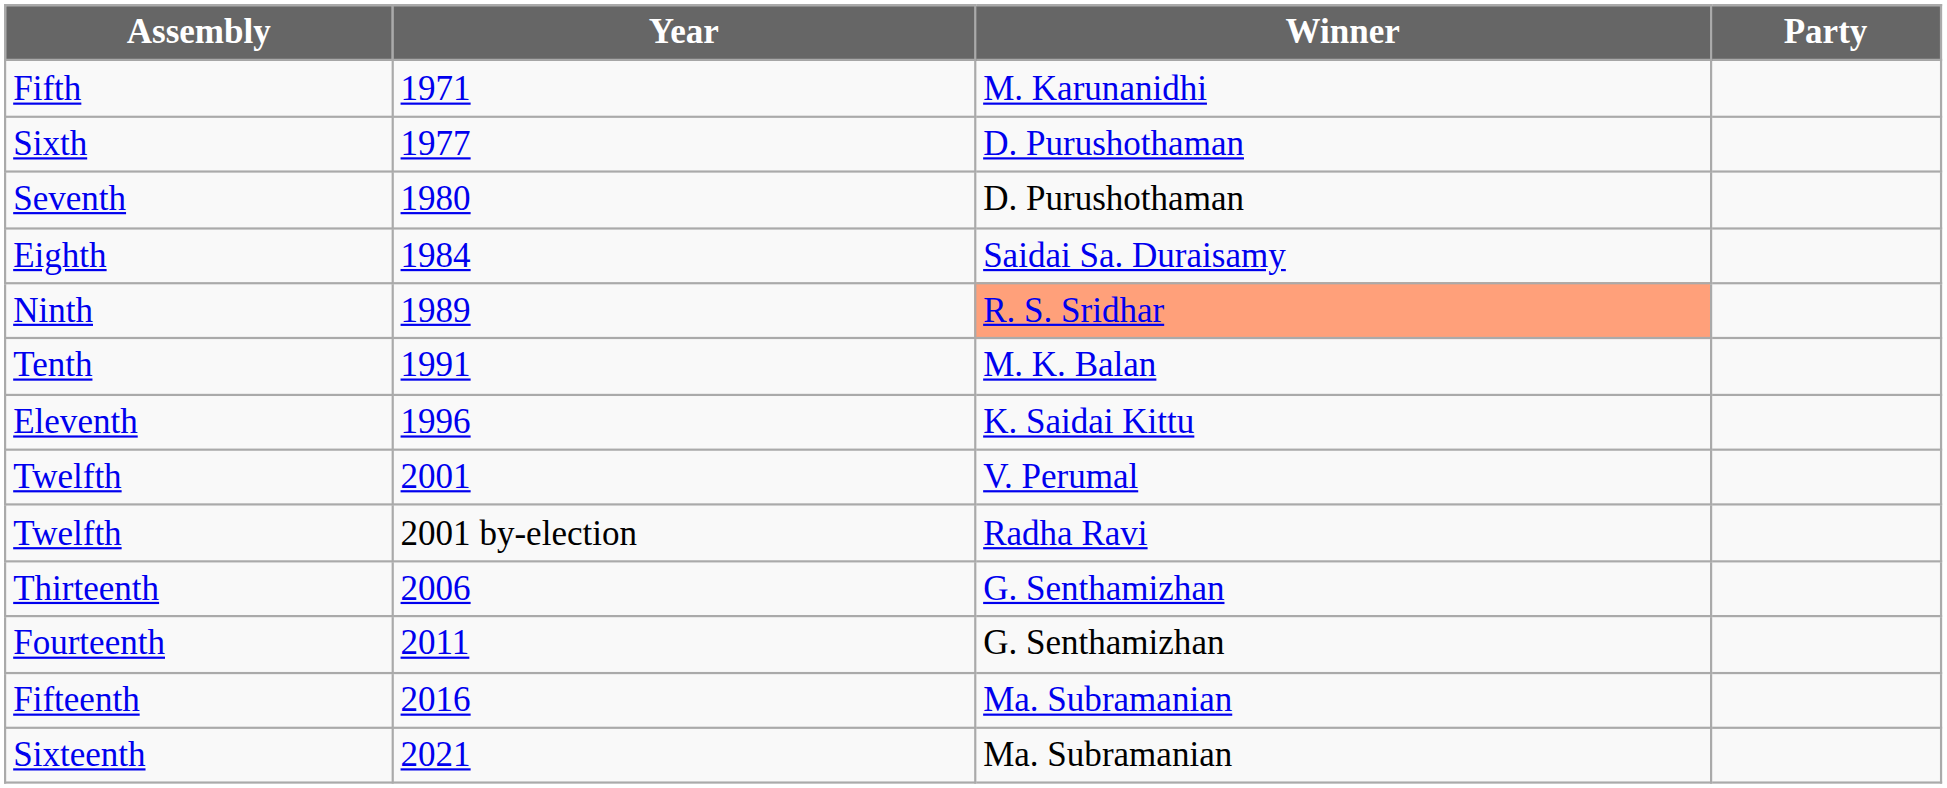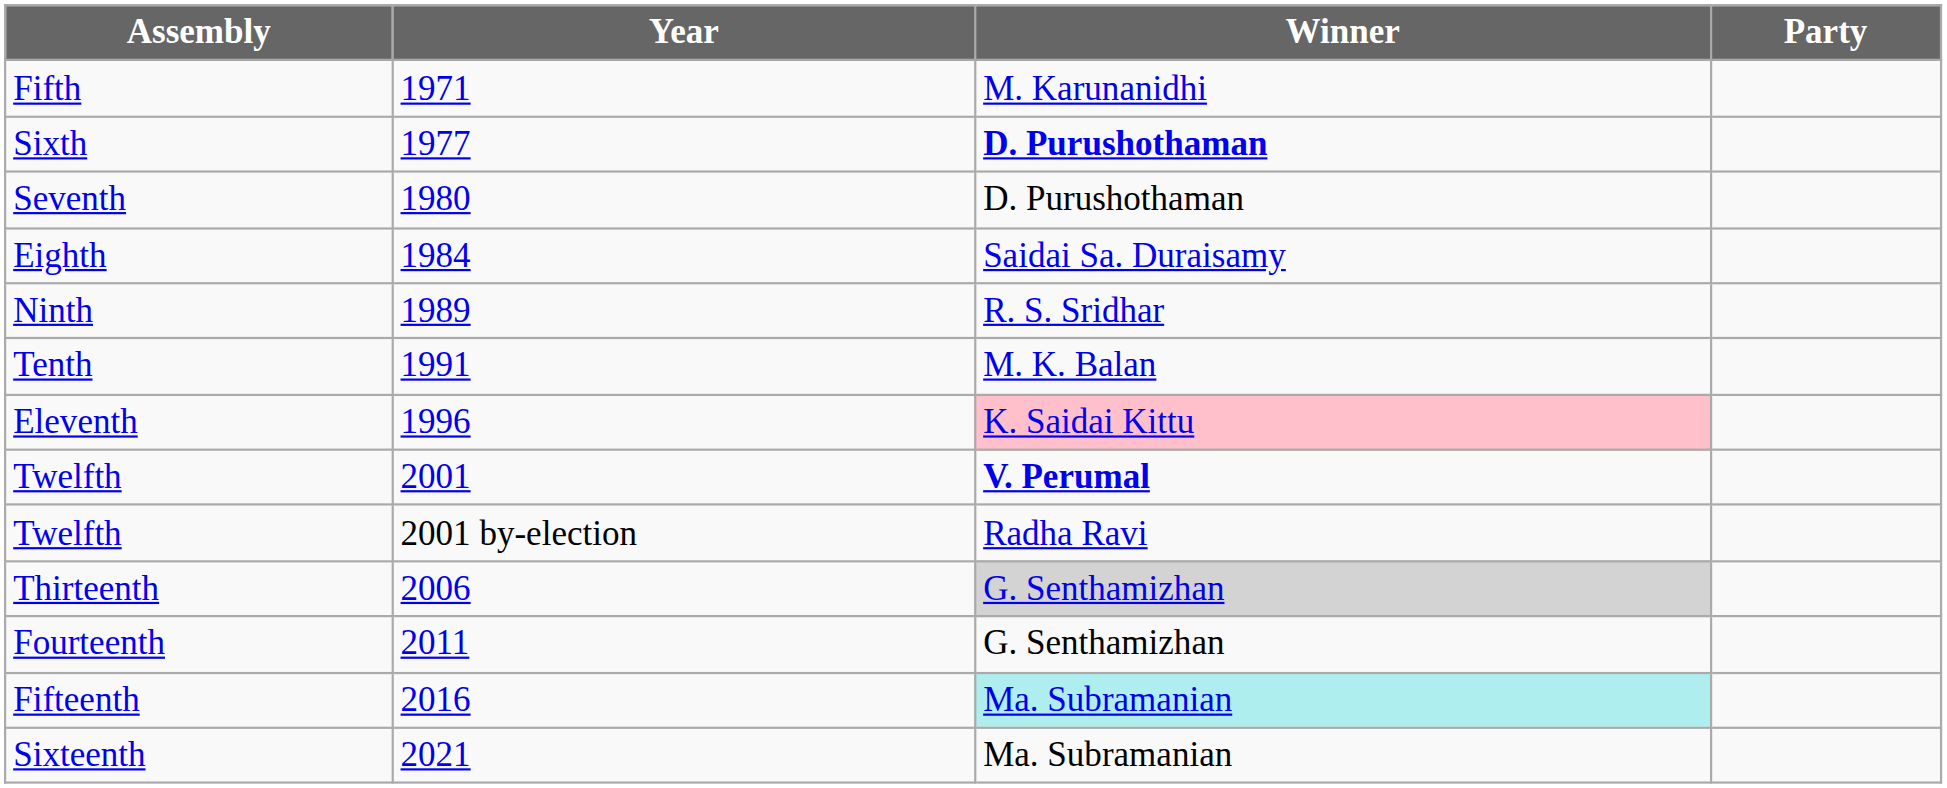 <table class="wikitable" width="70%">
 <tr>
 <th style="background-color:#666666; color:white">Assembly</th>
 <th style="background-color:#666666; color:white">Year</th>
 <th style="background-color:#666666; color:white">Winner</th>
 <th style="background-color:#666666; color:white" colspan="2">Party</th>
 </tr>
 <tr>
 <td><a href='#'>Fifth</a></td>
 <td><a href='#'>1971</a></td>
 <td><a href='#'>M. Karunanidhi</a></td>
 <td></td>
 </tr>
 <tr>
 <td><a href='#'>Sixth</a></td>
 <td><a href='#'>1977</a></td>
-<td><a href='#'>D. Purushothaman</a></td>
+<td><strong><a href='#'>D. Purushothaman</a></strong></td>
 <td></td>
 </tr>
 <tr>
 <td><a href='#'>Seventh</a></td>
 <td><a href='#'>1980</a></td>
 <td>D. Purushothaman</td>
 <td></td>
 </tr>
 <tr>
 <td><a href='#'>Eighth</a></td>
 <td><a href='#'>1984</a></td>
 <td><a href='#'>Saidai Sa. Duraisamy</a></td>
 <td></td>
 </tr>
 <tr>
 <td><a href='#'>Ninth</a></td>
 <td><a href='#'>1989</a></td>
-<td style="background: lightsalmon;"><a href='#'>R. S. Sridhar</a></td>
+<td><a href='#'>R. S. Sridhar</a></td>
 <td></td>
 </tr>
 <tr>
 <td><a href='#'>Tenth</a></td>
 <td><a href='#'>1991</a></td>
 <td><a href='#'>M. K. Balan</a></td>
 <td></td>
 </tr>
 <tr>
 <td><a href='#'>Eleventh</a></td>
 <td><a href='#'>1996</a></td>
-<td><a href='#'>K. Saidai Kittu</a></td>
+<td style="background: pink;"><a href='#'>K. Saidai Kittu</a></td>
 <td></td>
 </tr>
 <tr>
 <td><a href='#'>Twelfth</a></td>
 <td><a href='#'>2001</a></td>
-<td><a href='#'>V. Perumal</a></td>
+<td><strong><a href='#'>V. Perumal</a></strong></td>
 <td></td>
 </tr>
 <tr>
 <td><a href='#'>Twelfth</a></td>
 <td>2001 by-election</td>
 <td><a href='#'>Radha Ravi</a></td>
 <td></td>
 </tr>
 <tr>
 <td><a href='#'>Thirteenth</a></td>
 <td><a href='#'>2006</a></td>
-<td><a href='#'>G. Senthamizhan</a></td>
+<td style="background: lightgrey;"><a href='#'>G. Senthamizhan</a></td>
 <td></td>
 </tr>
 <tr>
 <td><a href='#'>Fourteenth</a></td>
 <td><a href='#'>2011</a></td>
 <td>G. Senthamizhan</td>
 <td></td>
 </tr>
 <tr>
 <td><a href='#'>Fifteenth</a></td>
 <td><a href='#'>2016</a></td>
-<td><a href='#'>Ma. Subramanian</a></td>
+<td style="background: paleturquoise;"><a href='#'>Ma. Subramanian</a></td>
 <td></td>
 </tr>
 <tr>
 <td><a href='#'>Sixteenth</a></td>
 <td><a href='#'>2021</a></td>
 <td>Ma. Subramanian</td>
 <td></td>
 </tr>
 </table>
